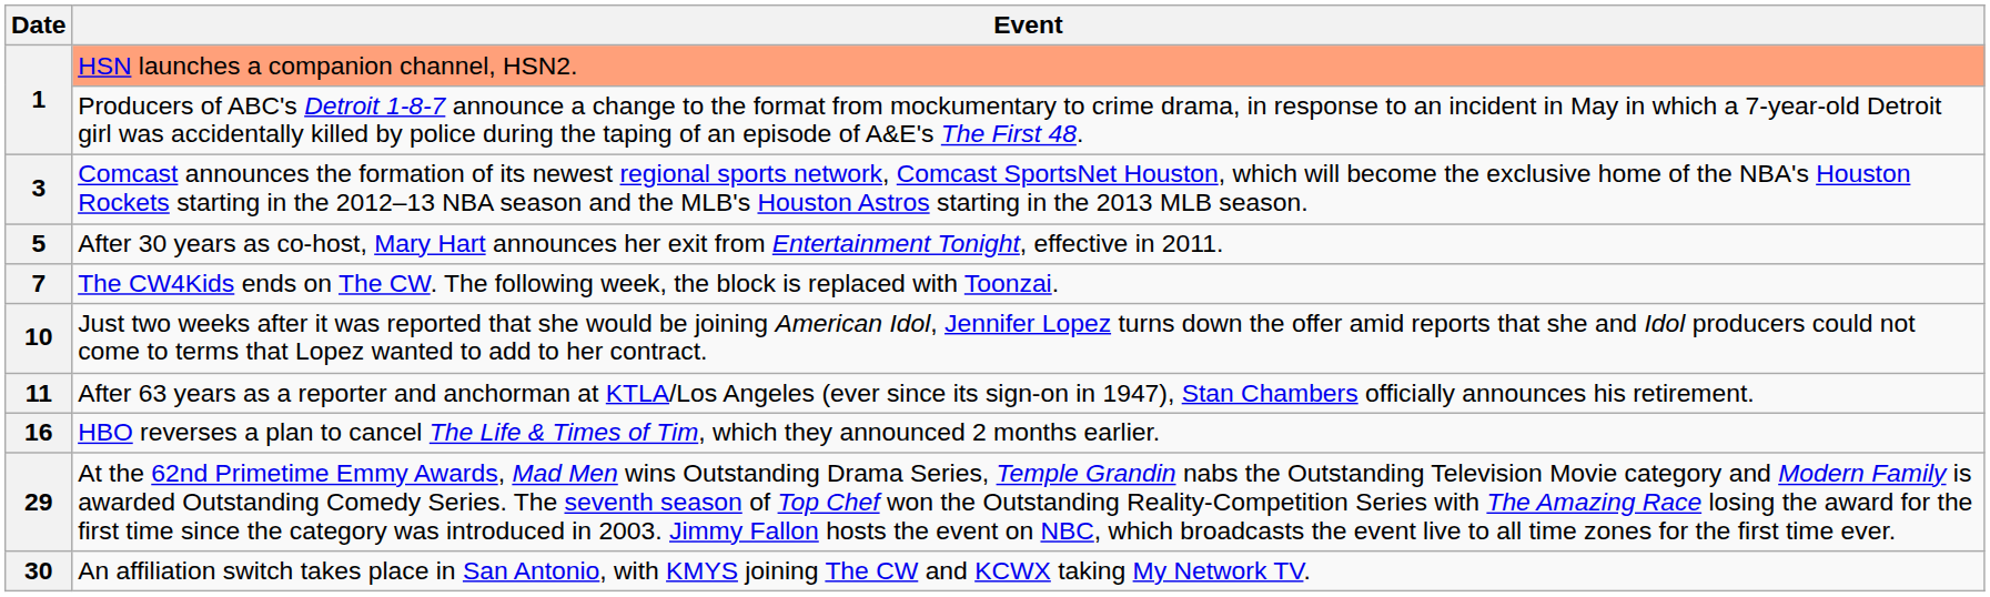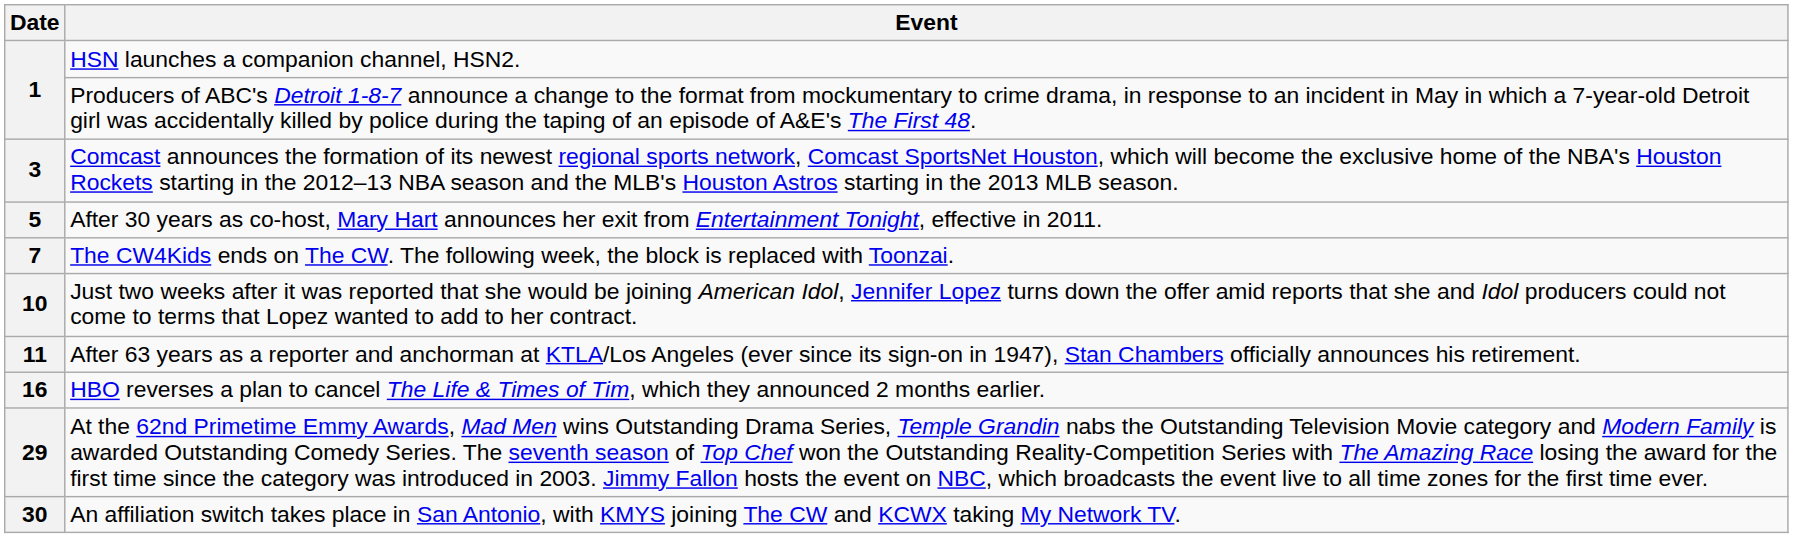 <table class="wikitable">
 <tr>
 <th>Date</th>
 <th>Event</th>
 </tr>
 <tr>
 <th style="text-align:center;" rowspan="2"><strong>1</strong></th>
-<td style="background: lightsalmon;"><a href='#'>HSN</a> launches a companion channel, HSN2.</td>
+<td><a href='#'>HSN</a> launches a companion channel, HSN2.</td>
 </tr>
 <tr>
 <td>Producers of ABC's <em><a href='#'>Detroit 1-8-7</a></em> announce a change to the format from mockumentary to crime drama, in response to an incident in May in which a 7-year-old Detroit girl was accidentally killed by police during the taping of an episode of A&E's <em><a href='#'>The First 48</a></em>.</td>
 </tr>
 <tr>
 <th style="text-align:center;"><strong>3</strong></th>
 <td><a href='#'>Comcast</a> announces the formation of its newest <a href='#'>regional sports network</a>, <a href='#'>Comcast SportsNet Houston</a>, which will become the exclusive home of the NBA's <a href='#'>Houston Rockets</a> starting in the 2012–13 NBA season and the MLB's <a href='#'>Houston Astros</a> starting in the 2013 MLB season.</td>
 </tr>
 <tr>
 <th style="text-align:center;"><strong>5</strong></th>
 <td>After 30 years as co-host, <a href='#'>Mary Hart</a> announces her exit from <em><a href='#'>Entertainment Tonight</a></em>, effective in 2011.</td>
 </tr>
 <tr>
 <th style="text-align:center;"><strong>7</strong></th>
 <td><a href='#'>The CW4Kids</a> ends on <a href='#'>The CW</a>. The following week, the block is replaced with <a href='#'>Toonzai</a>.</td>
 </tr>
 <tr>
 <th style="text-align:center;"><strong>10</strong></th>
 <td>Just two weeks after it was reported that she would be joining <em>American Idol</em>, <a href='#'>Jennifer Lopez</a> turns down the offer amid reports that she and <em>Idol</em> producers could not come to terms that Lopez wanted to add to her contract.</td>
 </tr>
 <tr>
 <th style="text-align:center;"><strong>11</strong></th>
 <td>After 63 years as a reporter and anchorman at <a href='#'>KTLA</a>/Los Angeles (ever since its sign-on in 1947), <a href='#'>Stan Chambers</a> officially announces his retirement.</td>
 </tr>
 <tr>
 <th style="text-align:center;"><strong>16</strong></th>
 <td><a href='#'>HBO</a> reverses a plan to cancel <em><a href='#'>The Life & Times of Tim</a></em>, which they announced 2 months earlier.</td>
 </tr>
 <tr>
 <th style="text-align:center;"><strong>29</strong></th>
 <td>At the <a href='#'>62nd Primetime Emmy Awards</a>, <em><a href='#'>Mad Men</a></em> wins Outstanding Drama Series, <em><a href='#'>Temple Grandin</a></em> nabs the Outstanding Television Movie category and <em><a href='#'>Modern Family</a></em> is awarded Outstanding Comedy Series. The <a href='#'>seventh season</a> of <em><a href='#'>Top Chef</a></em> won the Outstanding Reality-Competition Series with <em><a href='#'>The Amazing Race</a></em> losing the award for the first time since the category was introduced in 2003. <a href='#'>Jimmy Fallon</a> hosts the event on <a href='#'>NBC</a>, which broadcasts the event live to all time zones for the first time ever.</td>
 </tr>
 <tr>
 <th style="text-align:center;"><strong>30</strong></th>
 <td>An affiliation switch takes place in <a href='#'>San Antonio</a>, with <a href='#'>KMYS</a> joining <a href='#'>The CW</a> and <a href='#'>KCWX</a> taking <a href='#'>My Network TV</a>.</td>
 </tr>
 </table>
